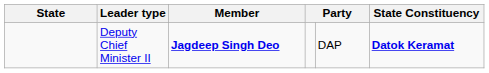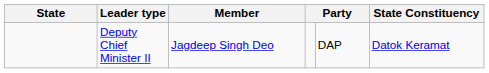 <table class ="wikitable sortable">
 <tr>
 <th style="width:120px;">State</th>
 <th style="width:90px;">Leader type</th>
 <th style="width:180px;">Member</th>
 <th style="width:80px;" colspan=2>Party</th>
 <th style="width:150px;">State Constituency</th>
 </tr>
 <tr>
 <td></td>
 <td><a href='#'>Deputy Chief Minister II</a></td>
-<td><strong><a href='#'>Jagdeep Singh Deo</a></strong></td>
+<td><a href='#'>Jagdeep Singh Deo</a></td>
 <td></td>
 <td>DAP</td>
-<td><strong><a href='#'>Datok Keramat</a></strong></td>
+<td><a href='#'>Datok Keramat</a></td>
 </tr>
 </table>
